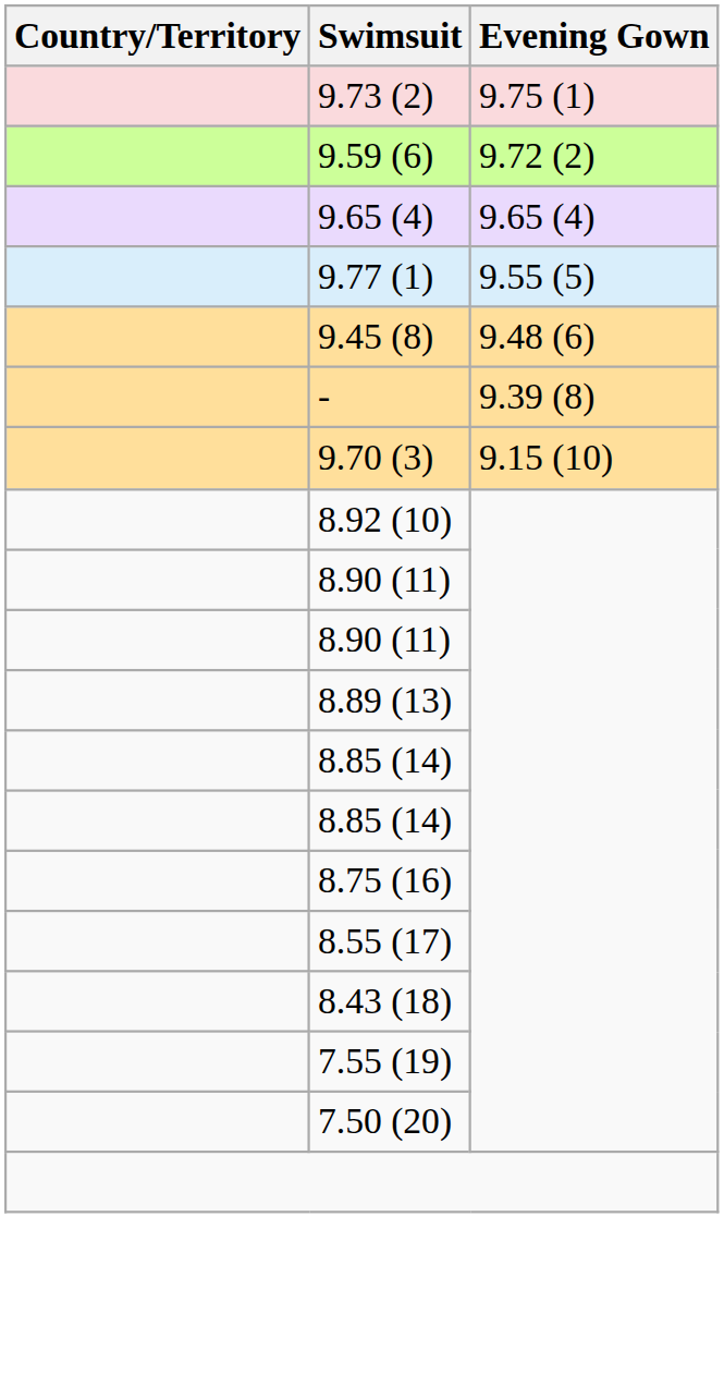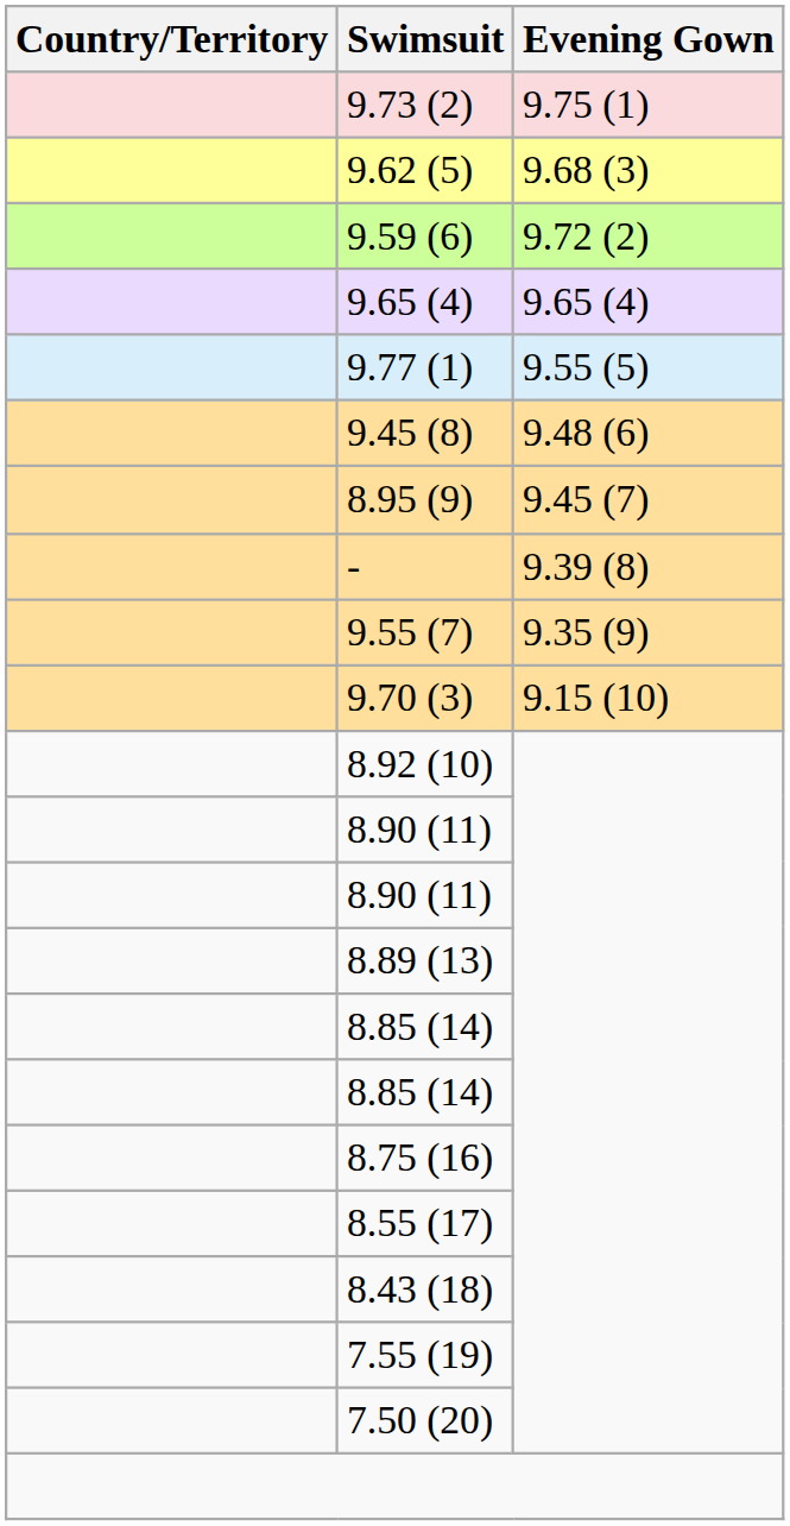 <table class="wikitable sortable" style="font-size:95%;">
 <tr>
 <th>Country/Territory</th>
 <th>Swimsuit</th>
 <th>Evening Gown</th>
 </tr>
 <tr style="background-color:#FADADD;: bold">
 <td></td>
 <td>9.73 (2)</td>
 <td>9.75 (1)</td>
+</tr>
+<tr style="background-color:#ffff99;: bold">
+<td></td>
+<td>9.62 (5)</td>
+<td>9.68 (3)</td>
 </tr>
 <tr style="background-color:#ccff99;: bold">
 <td></td>
 <td>9.59 (6)</td>
 <td>9.72 (2)</td>
 </tr>
 <tr style="background-color:#eadafd;: bold">
 <td></td>
 <td>9.65 (4)</td>
 <td>9.65 (4)</td>
 </tr>
 <tr style="background-color:#d9eefb;: bold">
 <td></td>
 <td>9.77 (1)</td>
 <td>9.55 (5)</td>
 </tr>
 <tr style="background-color:#ffdf9b;: bold">
 <td></td>
 <td>9.45 (8)</td>
 <td>9.48 (6)</td>
 </tr>
 <tr style="background-color:#ffdf9b;: bold">
 <td></td>
+<td>8.95 (9)</td>
+<td>9.45 (7)</td>
+</tr>
+<tr style="background-color:#ffdf9b;: bold">
+<td></td>
 <td>-</td>
 <td>9.39 (8)</td>
+</tr>
+<tr style="background-color:#ffdf9b;: bold">
+<td></td>
+<td>9.55 (7)</td>
+<td>9.35 (9)</td>
 </tr>
 <tr style="background-color:#ffdf9b;: bold">
 <td></td>
 <td>9.70 (3)</td>
 <td>9.15 (10)</td>
 </tr>
 <tr>
 <td></td>
 <td>8.92 (10)</td>
 <td rowspan="11"></td>
 </tr>
 <tr>
 <td></td>
 <td>8.90 (11)</td>
 </tr>
 <tr>
 <td></td>
 <td>8.90 (11)</td>
 </tr>
 <tr>
 <td></td>
 <td>8.89 (13)</td>
 </tr>
 <tr>
 <td></td>
 <td>8.85 (14)</td>
 </tr>
 <tr>
 <td></td>
 <td>8.85 (14)</td>
 </tr>
 <tr>
 <td></td>
 <td>8.75 (16)</td>
 </tr>
 <tr>
 <td></td>
 <td>8.55 (17)</td>
 </tr>
 <tr>
 <td></td>
 <td>8.43 (18)</td>
 </tr>
 <tr>
 <td></td>
 <td>7.55 (19)</td>
 </tr>
 <tr>
 <td></td>
 <td>7.50 (20)</td>
 </tr>
 <tr>
 <td colspan="3" align=left><br></td>
 </tr>
 </table>
